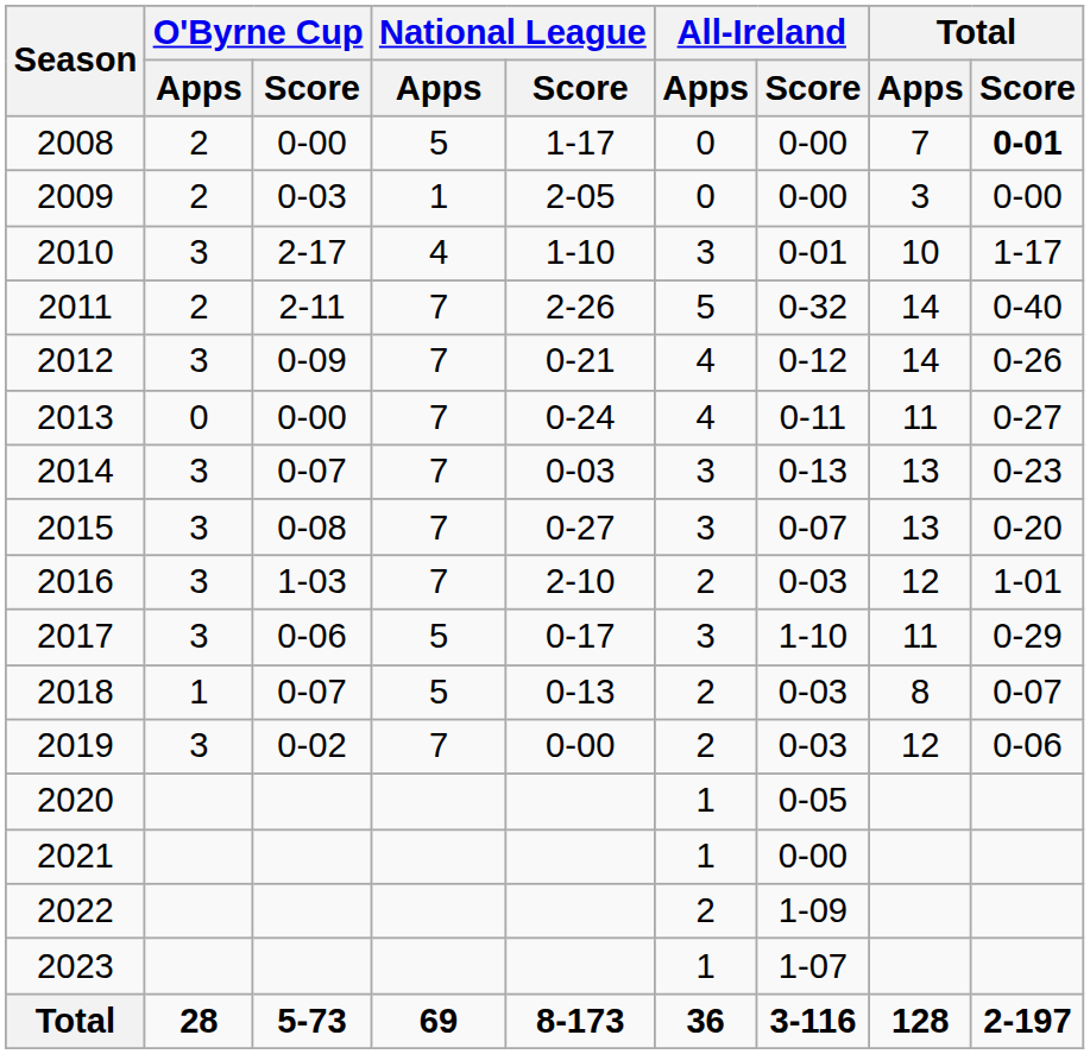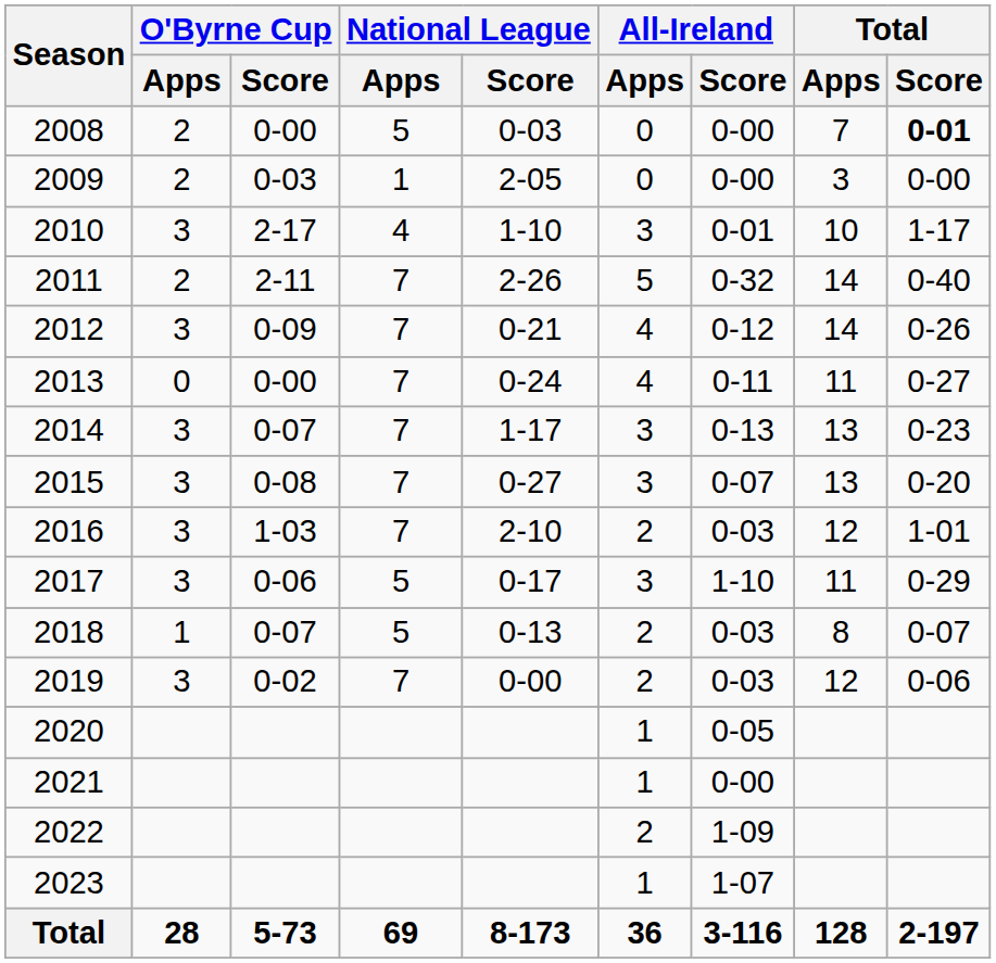 <table class="wikitable" style="text-align:center">
 <tr>
 <th rowspan="2”">Season</th>
 <th colspan="2"><a href='#'>O'Byrne Cup</a></th>
 <th colspan="2"><a href='#'>National League</a></th>
 <th colspan="2"><a href='#'>All-Ireland</a></th>
 <th colspan="2">Total</th>
 </tr>
 <tr>
 <th>Apps</th>
 <th>Score</th>
 <th>Apps</th>
 <th>Score</th>
 <th>Apps</th>
 <th>Score</th>
 <th>Apps</th>
 <th colspan="2">Score</th>
 </tr>
 <tr>
 <td>2008</td>
 <td>2</td>
 <td>0-00</td>
 <td>5</td>
-<td>1-17</td>
+<td>0-03</td>
 <td>0</td>
 <td>0-00</td>
 <td>7</td>
 <td><strong>0-01</strong></td>
 </tr>
 <tr>
 <td>2009</td>
 <td>2</td>
 <td>0-03</td>
 <td>1</td>
 <td>2-05</td>
 <td>0</td>
 <td>0-00</td>
 <td>3</td>
 <td>0-00</td>
 </tr>
 <tr>
 <td>2010</td>
 <td>3</td>
 <td>2-17</td>
 <td>4</td>
 <td>1-10</td>
 <td>3</td>
 <td>0-01</td>
 <td>10</td>
 <td>1-17</td>
 </tr>
 <tr>
 <td>2011</td>
 <td>2</td>
 <td>2-11</td>
 <td>7</td>
 <td>2-26</td>
 <td>5</td>
 <td>0-32</td>
 <td>14</td>
 <td>0-40</td>
 </tr>
 <tr>
 <td>2012</td>
 <td>3</td>
 <td>0-09</td>
 <td>7</td>
 <td>0-21</td>
 <td>4</td>
 <td>0-12</td>
 <td>14</td>
 <td>0-26</td>
 </tr>
 <tr>
 <td>2013</td>
 <td>0</td>
 <td>0-00</td>
 <td>7</td>
 <td>0-24</td>
 <td>4</td>
 <td>0-11</td>
 <td>11</td>
 <td>0-27</td>
 </tr>
 <tr>
 <td>2014</td>
 <td>3</td>
 <td>0-07</td>
 <td>7</td>
-<td>0-03</td>
+<td>1-17</td>
 <td>3</td>
 <td>0-13</td>
 <td>13</td>
 <td>0-23</td>
 </tr>
 <tr>
 <td>2015</td>
 <td>3</td>
 <td>0-08</td>
 <td>7</td>
 <td>0-27</td>
 <td>3</td>
 <td>0-07</td>
 <td>13</td>
 <td>0-20</td>
 </tr>
 <tr>
 <td>2016</td>
 <td>3</td>
 <td>1-03</td>
 <td>7</td>
 <td>2-10</td>
 <td>2</td>
 <td>0-03</td>
 <td>12</td>
 <td>1-01</td>
 </tr>
 <tr>
 <td>2017</td>
 <td>3</td>
 <td>0-06</td>
 <td>5</td>
 <td>0-17</td>
 <td>3</td>
 <td>1-10</td>
 <td>11</td>
 <td>0-29</td>
 </tr>
 <tr>
 <td>2018</td>
 <td>1</td>
 <td>0-07</td>
 <td>5</td>
 <td>0-13</td>
 <td>2</td>
 <td>0-03</td>
 <td>8</td>
 <td>0-07</td>
 </tr>
 <tr>
 <td>2019</td>
 <td>3</td>
 <td>0-02</td>
 <td>7</td>
 <td>0-00</td>
 <td>2</td>
 <td>0-03</td>
 <td>12</td>
 <td>0-06</td>
 </tr>
 <tr>
 <td>2020</td>
 <td></td>
 <td></td>
 <td></td>
 <td></td>
 <td>1</td>
 <td>0-05</td>
 <td></td>
 <td></td>
 </tr>
 <tr>
 <td>2021</td>
 <td></td>
 <td></td>
 <td></td>
 <td></td>
 <td>1</td>
 <td>0-00</td>
 <td></td>
 <td></td>
 </tr>
 <tr>
 <td>2022</td>
 <td></td>
 <td></td>
 <td></td>
 <td></td>
 <td>2</td>
 <td>1-09</td>
 <td></td>
 <td></td>
 </tr>
 <tr>
 <td>2023</td>
 <td></td>
 <td></td>
 <td></td>
 <td></td>
 <td>1</td>
 <td>1-07</td>
 <td></td>
 <td></td>
 </tr>
 <tr>
 <th>Total</th>
 <td><strong>28</strong></td>
 <td><strong>5-73</strong></td>
 <td><strong>69</strong></td>
 <td><strong>8-173</strong></td>
 <td><strong>36</strong></td>
 <td><strong>3-116</strong></td>
 <td><strong>128</strong></td>
 <td><strong>2-197</strong></td>
 </tr>
 </table>
